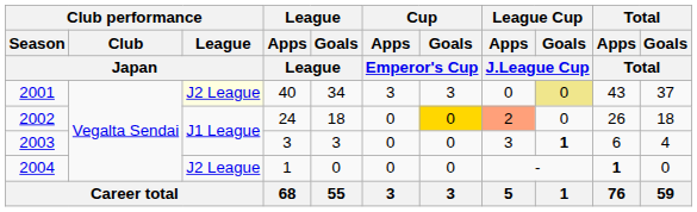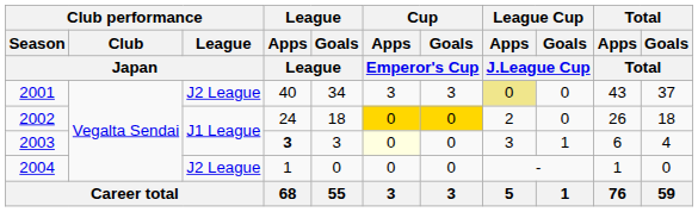 <table class="wikitable" style="text-align:center">
 <tr>
 <th colspan=3>Club performance</th>
 <th colspan=2>League</th>
 <th colspan=2>Cup</th>
 <th colspan=2>League Cup</th>
 <th colspan=2>Total</th>
 </tr>
 <tr>
 <th>Season</th>
 <th>Club</th>
 <th>League</th>
 <th>Apps</th>
 <th>Goals</th>
 <th>Apps</th>
 <th>Goals</th>
 <th>Apps</th>
 <th>Goals</th>
 <th>Apps</th>
 <th>Goals</th>
 </tr>
 <tr>
 <th colspan=3>Japan</th>
 <th colspan=2>League</th>
 <th colspan=2><a href='#'>Emperor's Cup</a></th>
 <th colspan=2><a href='#'>J.League Cup</a></th>
 <th colspan=2>Total</th>
 </tr>
 <tr>
 <td><a href='#'>2001</a></td>
 <td rowspan="4"><a href='#'>Vegalta Sendai</a></td>
-<td style="background: lightyellow;"><a href='#'>J2 League</a></td>
+<td><a href='#'>J2 League</a></td>
 <td>40</td>
 <td>34</td>
 <td>3</td>
 <td>3</td>
+<td style="background: khaki;">0</td>
 <td>0</td>
-<td style="background: khaki;">0</td>
 <td>43</td>
 <td>37</td>
 </tr>
 <tr>
 <td><a href='#'>2002</a></td>
 <td rowspan="2"><a href='#'>J1 League</a></td>
 <td>24</td>
 <td>18</td>
-<td>0</td>
 <td style="background: gold;">0</td>
-<td style="background: lightsalmon;">2</td>
+<td style="background: gold;">0</td>
+<td>2</td>
 <td>0</td>
 <td>26</td>
 <td>18</td>
 </tr>
 <tr>
 <td><a href='#'>2003</a></td>
+<td><strong>3</strong></td>
 <td>3</td>
-<td>3</td>
-<td>0</td>
+<td style="background: lightyellow;">0</td>
 <td>0</td>
 <td>3</td>
-<td><strong>1</strong></td>
+<td>1</td>
 <td>6</td>
 <td>4</td>
 </tr>
 <tr>
 <td><a href='#'>2004</a></td>
 <td><a href='#'>J2 League</a></td>
 <td>1</td>
 <td>0</td>
 <td>0</td>
 <td>0</td>
 <td colspan="2">-</td>
-<td><strong>1</strong></td>
+<td>1</td>
 <td>0</td>
 </tr>
 <tr>
 <th colspan=3>Career total</th>
 <th>68</th>
 <th>55</th>
 <th>3</th>
 <th>3</th>
 <th>5</th>
 <th>1</th>
 <th>76</th>
 <th>59</th>
 </tr>
 </table>
